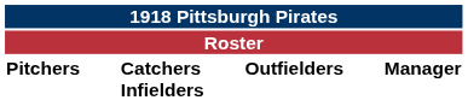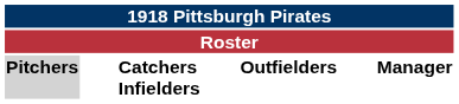 <table class="toccolours" style="font-size: 95%;">
 <tr>
 <th colspan="10" style="background-color: #023465; color: white; text-align: center;">1918 Pittsburgh Pirates</th>
 </tr>
 <tr>
 <td colspan="10" style="background-color: #ba313c; color: white; text-align: center;"><strong>Roster</strong></td>
 </tr>
 <tr>
-<td valign="top"><strong>Pitchers</strong><br>            </td>
+<td valign="top" style="background: lightgrey;"><strong>Pitchers</strong><br>            </td>
 <td width="25px"></td>
 <td valign="top"><strong>Catchers</strong><br>    <strong>Infielders</strong>         </td>
 <td width="25px"></td>
 <td valign="top"><strong>Outfielders</strong><br>      </td>
 <td width="25px"></td>
 <td valign="top"><strong>Manager</strong><br></td>
 </tr>
 </table>
